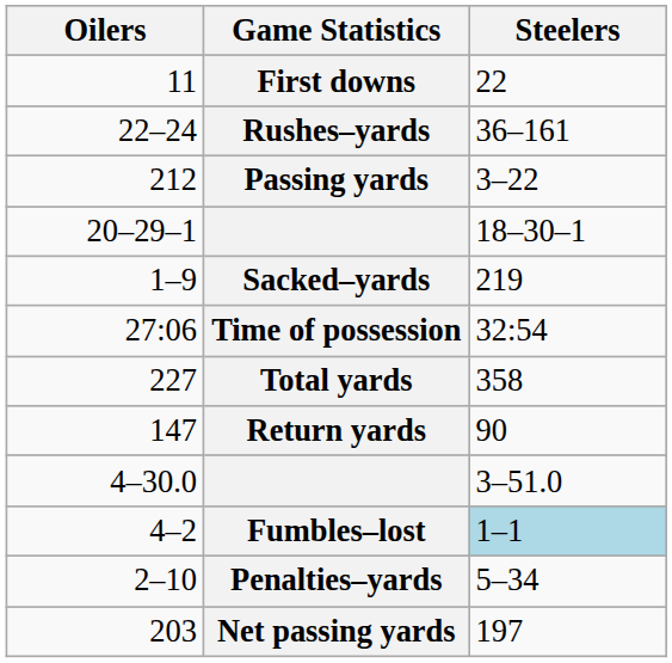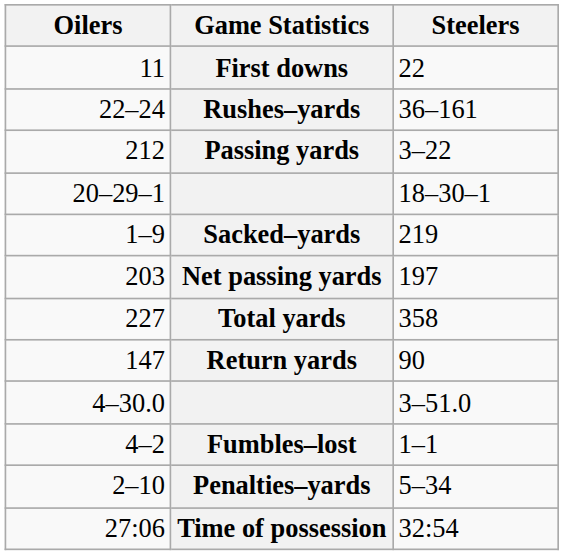 <table class="wikitable" style="margin: 1em auto 1em auto">
 <tr>
 <th style="width:30%;">Oilers</th>
 <th style="width:40%;">Game Statistics</th>
 <th style="width:30%;">Steelers</th>
 </tr>
 <tr>
 <td style="text-align:right;">11</td>
 <th>First downs</th>
 <td>22</td>
 </tr>
 <tr>
 <td style="text-align:right;">22–24</td>
 <th>Rushes–yards</th>
 <td>36–161</td>
 </tr>
 <tr>
 <td style="text-align:right;">212</td>
 <th>Passing yards</th>
 <td>3–22</td>
 </tr>
 <tr>
 <td style="text-align:right;">20–29–1</td>
 <th></th>
 <td>18–30–1</td>
 </tr>
 <tr>
 <td style="text-align:right;">1–9</td>
 <th>Sacked–yards</th>
 <td>219</td>
 </tr>
 <tr>
-<td style="text-align:right;">27:06</td>
-<th>Time of possession</th>
-<td>32:54</td>
+<td style="text-align:right;">203</td>
+<th>Net passing yards</th>
+<td>197</td>
 </tr>
 <tr>
 <td style="text-align:right;">227</td>
 <th>Total yards</th>
 <td>358</td>
 </tr>
 <tr>
 <td style="text-align:right;">147</td>
 <th>Return yards</th>
 <td>90</td>
 </tr>
 <tr>
 <td style="text-align:right;">4–30.0</td>
 <th></th>
 <td>3–51.0</td>
 </tr>
 <tr>
 <td style="text-align:right;">4–2</td>
 <th>Fumbles–lost</th>
-<td style="background: lightblue;">1–1</td>
+<td>1–1</td>
 </tr>
 <tr>
 <td style="text-align:right;">2–10</td>
 <th>Penalties–yards</th>
 <td>5–34</td>
 </tr>
 <tr>
-<td style="text-align:right;">203</td>
-<th>Net passing yards</th>
-<td>197</td>
+<td style="text-align:right;">27:06</td>
+<th>Time of possession</th>
+<td>32:54</td>
 </tr>
 </table>
